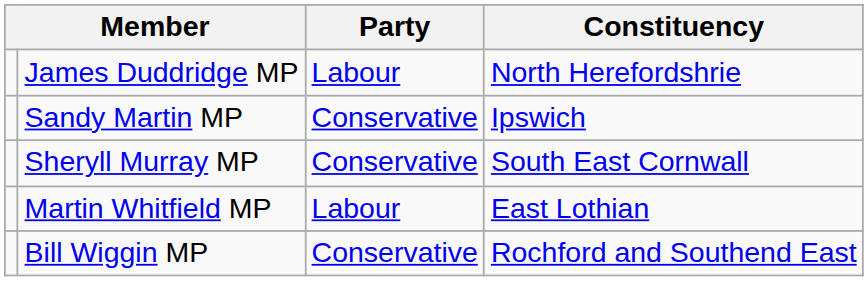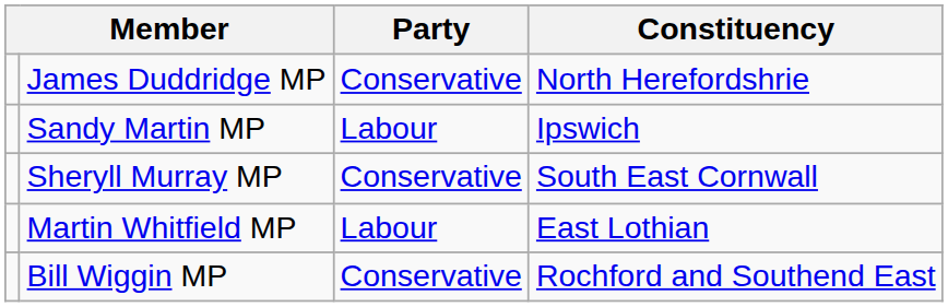 <table class="wikitable">
 <tr>
 <th colspan="2" valign="top">Member</th>
 <th valign="top">Party</th>
 <th>Constituency</th>
 </tr>
 <tr>
 <td style="color:inherit;background:"></td>
 <td><a href='#'>James Duddridge</a> MP</td>
-<td><a href='#'>Labour</a></td>
+<td><a href='#'>Conservative</a></td>
 <td><a href='#'>North Herefordshrie</a></td>
 </tr>
 <tr>
 <td style="color:inherit;background:"></td>
 <td><a href='#'>Sandy Martin</a> MP</td>
-<td><a href='#'>Conservative</a></td>
+<td><a href='#'>Labour</a></td>
 <td><a href='#'>Ipswich</a></td>
 </tr>
 <tr>
 <td style="color:inherit;background:"></td>
 <td><a href='#'>Sheryll Murray</a> MP</td>
 <td><a href='#'>Conservative</a></td>
 <td><a href='#'>South East Cornwall</a></td>
 </tr>
 <tr>
 <td style="color:inherit;background:"></td>
 <td><a href='#'>Martin Whitfield</a> MP</td>
 <td><a href='#'>Labour</a></td>
 <td><a href='#'>East Lothian</a></td>
 </tr>
 <tr>
 <td style="color:inherit;background:"></td>
 <td><a href='#'>Bill Wiggin</a> MP</td>
 <td><a href='#'>Conservative</a></td>
 <td><a href='#'>Rochford and Southend East</a></td>
 </tr>
 </table>
